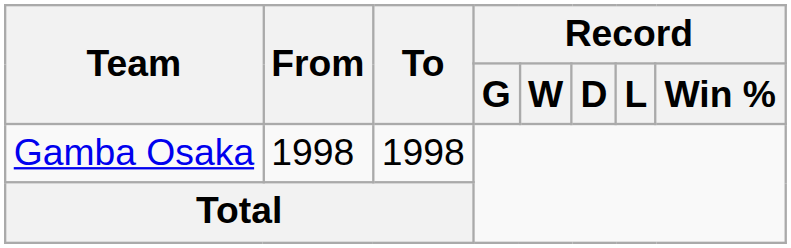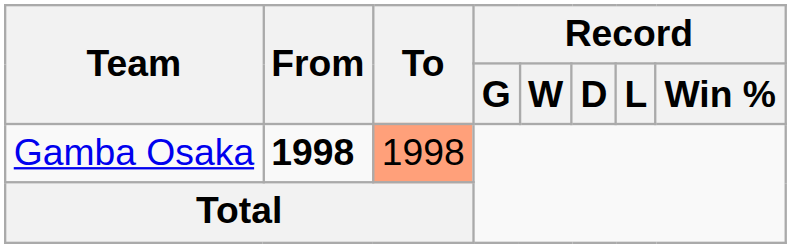 <table class="wikitable" style="text-align: center">
 <tr>
 <th rowspan="2">Team</th>
 <th rowspan="2">From</th>
 <th rowspan="2">To</th>
 <th colspan="5">Record</th>
 </tr>
 <tr>
 <th>G</th>
 <th>W</th>
 <th>D</th>
 <th>L</th>
 <th>Win %</th>
 </tr>
 <tr>
 <td align="left"><a href='#'>Gamba Osaka</a></td>
-<td align="left">1998</td>
-<td align="left">1998<br></td>
+<td align="left"><strong>1998</strong></td>
+<td align="left" style="background: lightsalmon;">1998<br></td>
 </tr>
 <tr>
 <th colspan="3">Total<br></th>
 </tr>
 </table>
